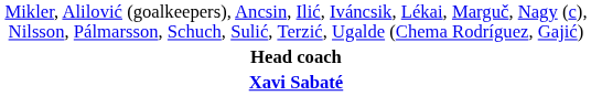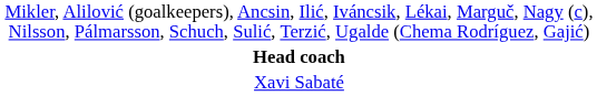 <table style="text-align: center; margin-top: 1em; margin-left: auto; margin-right: auto">
 <tr>
 <td><a href='#'>Mikler</a>, <a href='#'>Alilović</a> (goalkeepers), <a href='#'>Ancsin</a>, <a href='#'>Ilić</a>, <a href='#'>Iváncsik</a>, <a href='#'>Lékai</a>, <a href='#'>Marguč</a>, <a href='#'>Nagy</a> (<a href='#'>c</a>),<br><a href='#'>Nilsson</a>, <a href='#'>Pálmarsson</a>, <a href='#'>Schuch</a>, <a href='#'>Sulić</a>, <a href='#'>Terzić</a>, <a href='#'>Ugalde</a> (<a href='#'>Chema Rodríguez</a>, <a href='#'>Gajić</a>)</td>
 </tr>
 <tr>
 <td><strong>Head coach</strong></td>
 </tr>
 <tr>
-<td><strong><a href='#'>Xavi Sabaté</a></strong></td>
+<td><a href='#'>Xavi Sabaté</a></td>
 </tr>
 </table>
